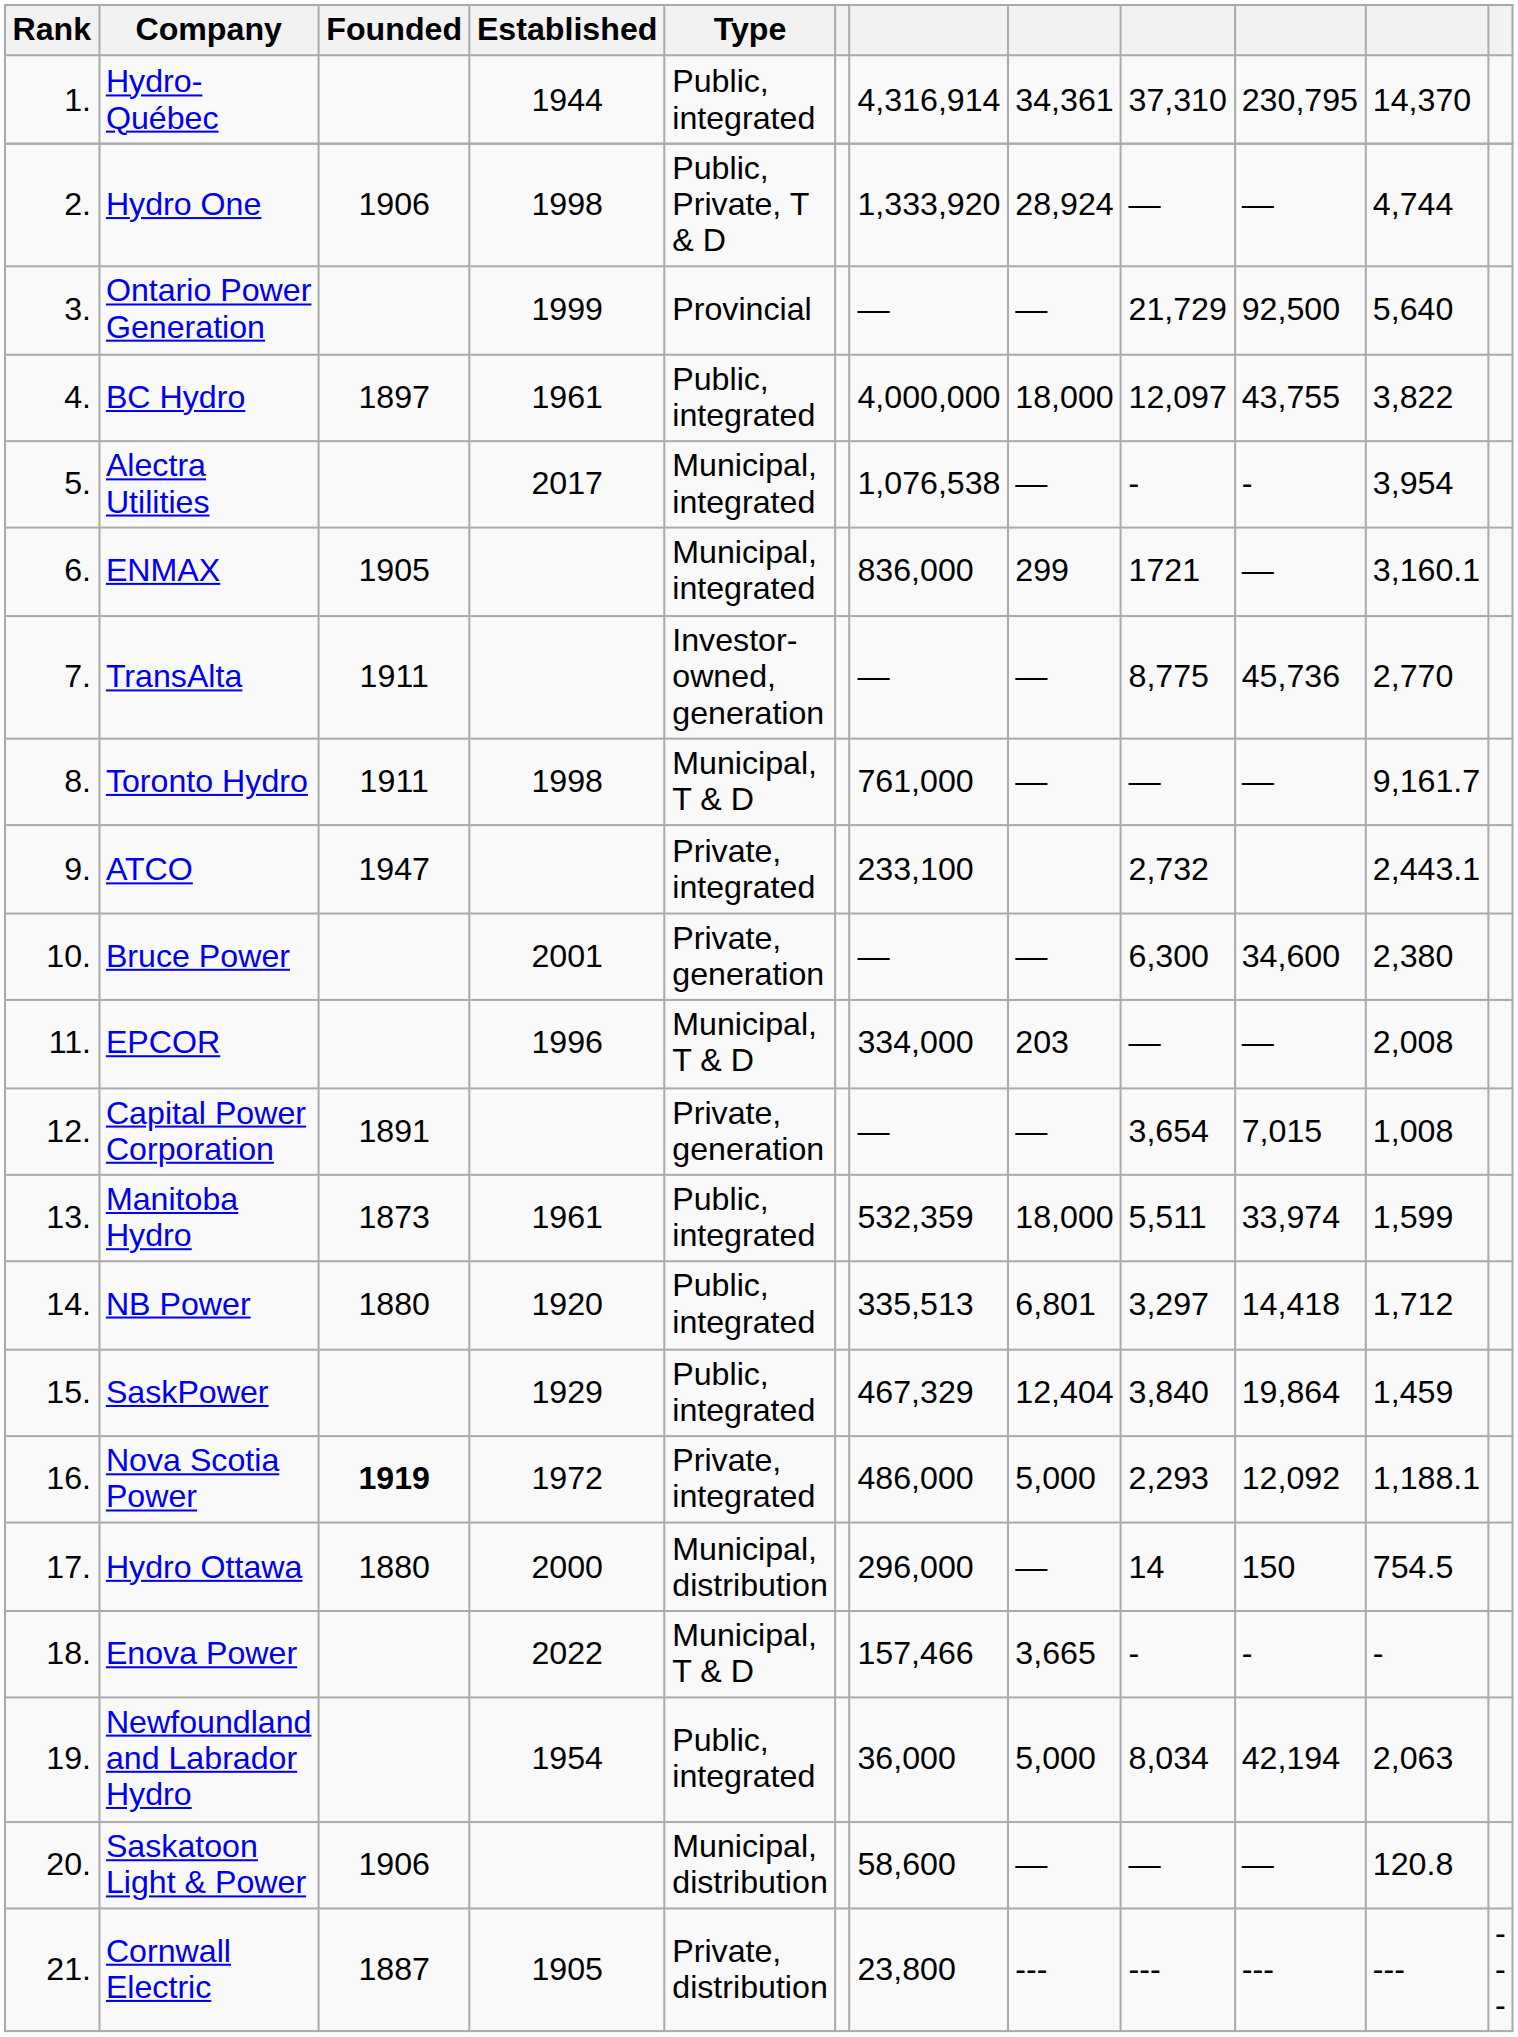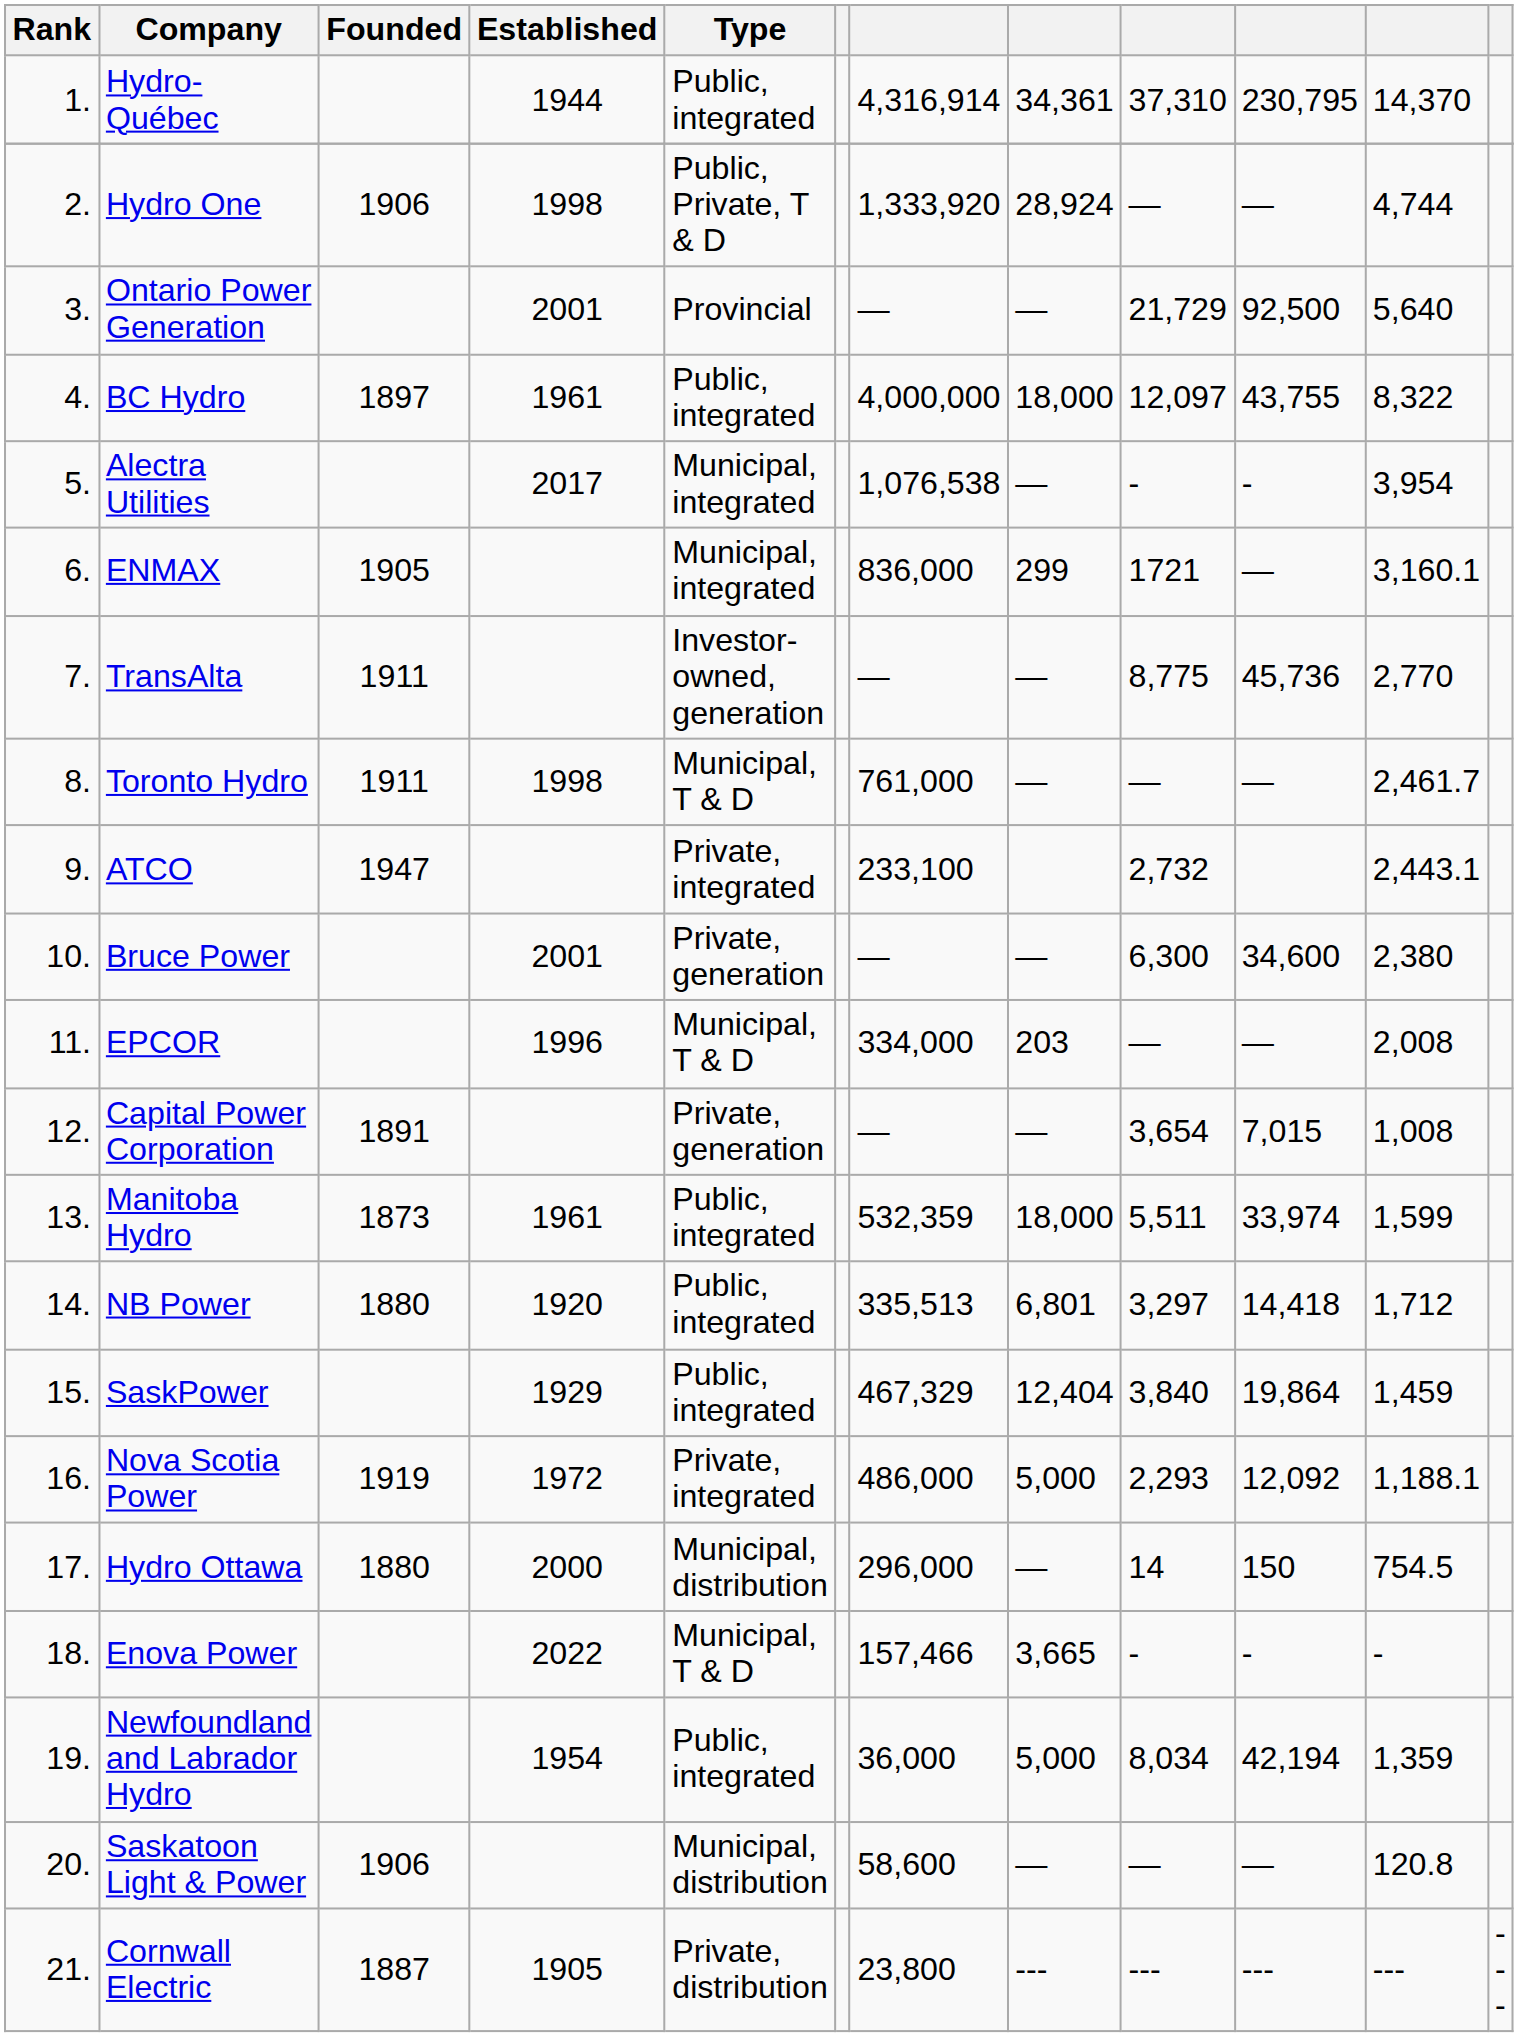 <table class="wikitable sortable">
 <tr>
 <th width="4%" class="unsortable">Rank</th>
 <th width="20%">Company</th>
 <th style="text-align:center">Founded</th>
 <th style="text-align:center">Established</th>
 <th width="15%" style="text-align:center;">Type</th>
 <th width="17%"></th>
 <th width="8%" data-sort-type="number"></th>
 <th width="8%" data-sort-type="number"></th>
 <th width="8%" data-sort-type="number"></th>
 <th width="8%" data-sort-type="number"></th>
 <th width="8%"></th>
 <th width="4%" class="unsortable"></th>
 </tr>
 <tr>
 <td style="text-align:right">1.</td>
 <td style="text-align:left"><a href='#'>Hydro-Québec</a></td>
 <td></td>
 <td style="text-align:center">1944</td>
 <td style="text-align:left;">Public, integrated</td>
 <td></td>
 <td>4,316,914</td>
 <td>34,361</td>
 <td>37,310</td>
 <td>230,795</td>
 <td>14,370</td>
 <td></td>
 </tr>
 <tr>
 </tr>
 <tr>
 <td style="text-align:right">2.</td>
 <td style="text-align:left"><a href='#'>Hydro One</a></td>
 <td style="text-align:center">1906</td>
 <td style="text-align:center">1998</td>
 <td style="text-align:left;">Public, Private, T & D</td>
 <td></td>
 <td>1,333,920</td>
 <td>28,924</td>
 <td>—</td>
 <td>—</td>
 <td>4,744</td>
 <td></td>
 </tr>
 <tr>
 <td style="text-align:right">3.</td>
 <td style="text-align:left"><a href='#'>Ontario Power Generation</a></td>
 <td></td>
-<td style="text-align:center">1999</td>
+<td style="text-align:center">2001</td>
 <td style="text-align:left;">Provincial</td>
 <td></td>
 <td>—</td>
 <td>—</td>
 <td>21,729</td>
 <td>92,500</td>
 <td>5,640</td>
 <td></td>
 </tr>
 <tr>
 <td style="text-align:right">4.</td>
 <td style="text-align:left"><a href='#'>BC Hydro</a></td>
 <td style="text-align:center">1897</td>
 <td style="text-align:center">1961</td>
 <td style="text-align:left;">Public, integrated</td>
 <td></td>
 <td>4,000,000</td>
 <td>18,000</td>
 <td>12,097</td>
 <td>43,755</td>
-<td>3,822</td>
+<td>8,322</td>
 <td></td>
 </tr>
 <tr>
 <td style="text-align:right">5.</td>
 <td style="text-align:left"><a href='#'>Alectra Utilities</a></td>
 <td></td>
 <td style="text-align:center">2017</td>
 <td style="text-align:left;">Municipal, integrated</td>
 <td></td>
 <td>1,076,538</td>
 <td>—</td>
 <td>-</td>
 <td>-</td>
 <td>3,954</td>
 <td></td>
 </tr>
 <tr>
 <td style="text-align:right">6.</td>
 <td style="text-align:left"><a href='#'>ENMAX</a></td>
 <td style="text-align:center">1905</td>
 <td></td>
 <td style="text-align:left;">Municipal, integrated</td>
 <td></td>
 <td>836,000</td>
 <td>299</td>
 <td>1721</td>
 <td>—</td>
 <td>3,160.1</td>
 <td></td>
 </tr>
 <tr>
 <td style="text-align:right">7.</td>
 <td style="text-align:left"><a href='#'>TransAlta</a></td>
 <td style="text-align:center">1911</td>
 <td></td>
 <td style="text-align:left;">Investor-owned, generation</td>
 <td></td>
 <td>—</td>
 <td>—</td>
 <td>8,775</td>
 <td>45,736</td>
 <td>2,770</td>
 <td></td>
 </tr>
 <tr>
 <td style="text-align:right">8.</td>
 <td style="text-align:left"><a href='#'>Toronto Hydro</a></td>
 <td style="text-align:center">1911</td>
 <td style="text-align:center">1998</td>
 <td style="text-align:left;">Municipal, T & D</td>
 <td></td>
 <td>761,000</td>
 <td>—</td>
 <td>—</td>
 <td>—</td>
-<td>9,161.7</td>
+<td>2,461.7</td>
 <td></td>
 </tr>
 <tr>
 <td style="text-align:right">9.</td>
 <td style="text-align:left"><a href='#'>ATCO</a></td>
 <td style="text-align:center">1947</td>
 <td></td>
 <td style="text-align:left;">Private, integrated</td>
 <td></td>
 <td>233,100</td>
 <td></td>
 <td>2,732</td>
 <td></td>
 <td>2,443.1</td>
 <td></td>
 </tr>
 <tr>
 <td style="text-align:right">10.</td>
 <td style="text-align:left"><a href='#'>Bruce Power</a></td>
 <td></td>
 <td style="text-align:center">2001</td>
 <td style="text-align:left;">Private, generation</td>
 <td></td>
 <td>—</td>
 <td>—</td>
 <td>6,300</td>
 <td>34,600</td>
 <td>2,380</td>
 <td></td>
 </tr>
 <tr>
 <td style="text-align:right">11.</td>
 <td style="text-align:left"><a href='#'>EPCOR</a></td>
 <td></td>
 <td style="text-align:center">1996</td>
 <td style="text-align:left;">Municipal, T & D</td>
 <td></td>
 <td>334,000</td>
 <td>203</td>
 <td>—</td>
 <td>—</td>
 <td>2,008</td>
 <td></td>
 </tr>
 <tr>
 <td style="text-align:right">12.</td>
 <td style="text-align:left"><a href='#'>Capital Power Corporation</a></td>
 <td style="text-align:center">1891</td>
 <td></td>
 <td style="text-align:left;">Private, generation</td>
 <td></td>
 <td>—</td>
 <td>—</td>
 <td>3,654</td>
 <td>7,015</td>
 <td>1,008</td>
 <td></td>
 </tr>
 <tr>
 <td style="text-align:right">13.</td>
 <td style="text-align:left"><a href='#'>Manitoba Hydro</a></td>
 <td style="text-align:center">1873</td>
 <td style="text-align:center">1961</td>
 <td style="text-align:left;">Public, integrated</td>
 <td></td>
 <td>532,359</td>
 <td>18,000</td>
 <td>5,511</td>
 <td>33,974</td>
 <td>1,599</td>
 <td></td>
 </tr>
 <tr>
 <td style="text-align:right">14.</td>
 <td style="text-align:left"><a href='#'>NB Power</a></td>
 <td style="text-align:center">1880</td>
 <td style="text-align:center">1920</td>
 <td style="text-align:left;">Public, integrated</td>
 <td></td>
 <td>335,513</td>
 <td>6,801</td>
 <td>3,297</td>
 <td>14,418</td>
 <td>1,712</td>
 <td></td>
 </tr>
 <tr>
 <td style="text-align:right">15.</td>
 <td style="text-align:left"><a href='#'>SaskPower</a></td>
 <td></td>
 <td style="text-align:center">1929</td>
 <td style="text-align:left;">Public, integrated</td>
 <td></td>
 <td>467,329</td>
 <td>12,404</td>
 <td>3,840</td>
 <td>19,864</td>
 <td>1,459</td>
 <td></td>
 </tr>
 <tr>
 <td style="text-align:right">16.</td>
 <td style="text-align:left"><a href='#'>Nova Scotia Power</a></td>
-<td style="text-align:center"><strong>1919</strong></td>
+<td style="text-align:center">1919</td>
 <td style="text-align:center">1972</td>
 <td style="text-align:left;">Private, integrated</td>
 <td></td>
 <td>486,000</td>
 <td>5,000</td>
 <td>2,293</td>
 <td>12,092</td>
 <td>1,188.1</td>
 <td></td>
 </tr>
 <tr>
 <td style="text-align:right">17.</td>
 <td style="text-align:left"><a href='#'>Hydro Ottawa</a></td>
 <td style="text-align:center">1880</td>
 <td style="text-align:center">2000</td>
 <td style="text-align:left;">Municipal, distribution</td>
 <td></td>
 <td>296,000</td>
 <td>—</td>
 <td>14</td>
 <td>150</td>
 <td>754.5</td>
 <td></td>
 </tr>
 <tr>
 <td style="text-align:right">18.</td>
 <td style="text-align:left"><a href='#'>Enova Power</a></td>
 <td></td>
 <td style="text-align:center">2022</td>
 <td style="text-align:left;">Municipal, T & D</td>
 <td></td>
 <td>157,466</td>
 <td>3,665</td>
 <td>-</td>
 <td>-</td>
 <td>-</td>
 <td></td>
 </tr>
 <tr>
 <td style="text-align:right">19.</td>
 <td style="text-align:left"><a href='#'>Newfoundland and Labrador Hydro</a></td>
 <td></td>
 <td style="text-align:center">1954</td>
 <td style="text-align:left;">Public, integrated</td>
 <td></td>
 <td>36,000</td>
 <td>5,000</td>
 <td>8,034</td>
 <td>42,194</td>
-<td>2,063</td>
+<td>1,359</td>
 <td></td>
 </tr>
 <tr>
 <td style="text-align:right">20.</td>
 <td style="text-align:left"><a href='#'>Saskatoon Light & Power</a></td>
 <td style="text-align:center">1906</td>
 <td></td>
 <td style="text-align:left;">Municipal, distribution</td>
 <td></td>
 <td>58,600</td>
 <td>—</td>
 <td>—</td>
 <td>—</td>
 <td>120.8</td>
 <td></td>
 </tr>
 <tr>
 <td style="text-align:right">21.</td>
 <td><a href='#'>Cornwall Electric</a></td>
 <td style="text-align:center">1887</td>
 <td style="text-align:center">1905</td>
 <td>Private, distribution</td>
 <td></td>
 <td>23,800</td>
 <td>---</td>
 <td>---</td>
 <td>---</td>
 <td>---</td>
 <td>---</td>
 </tr>
 </table>
